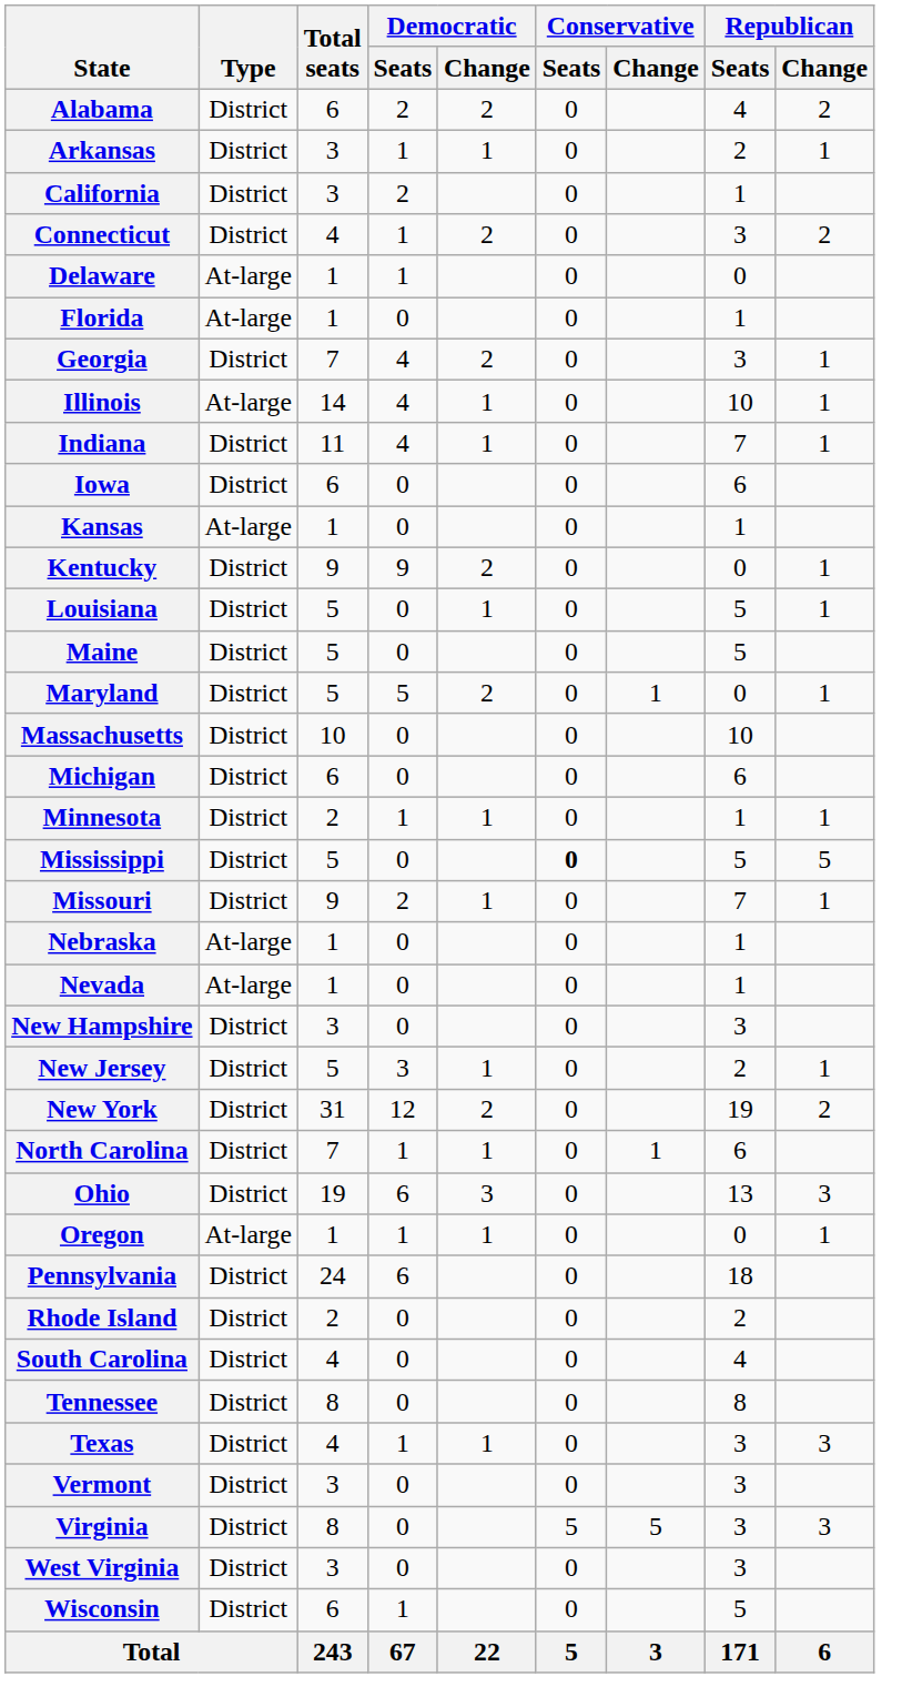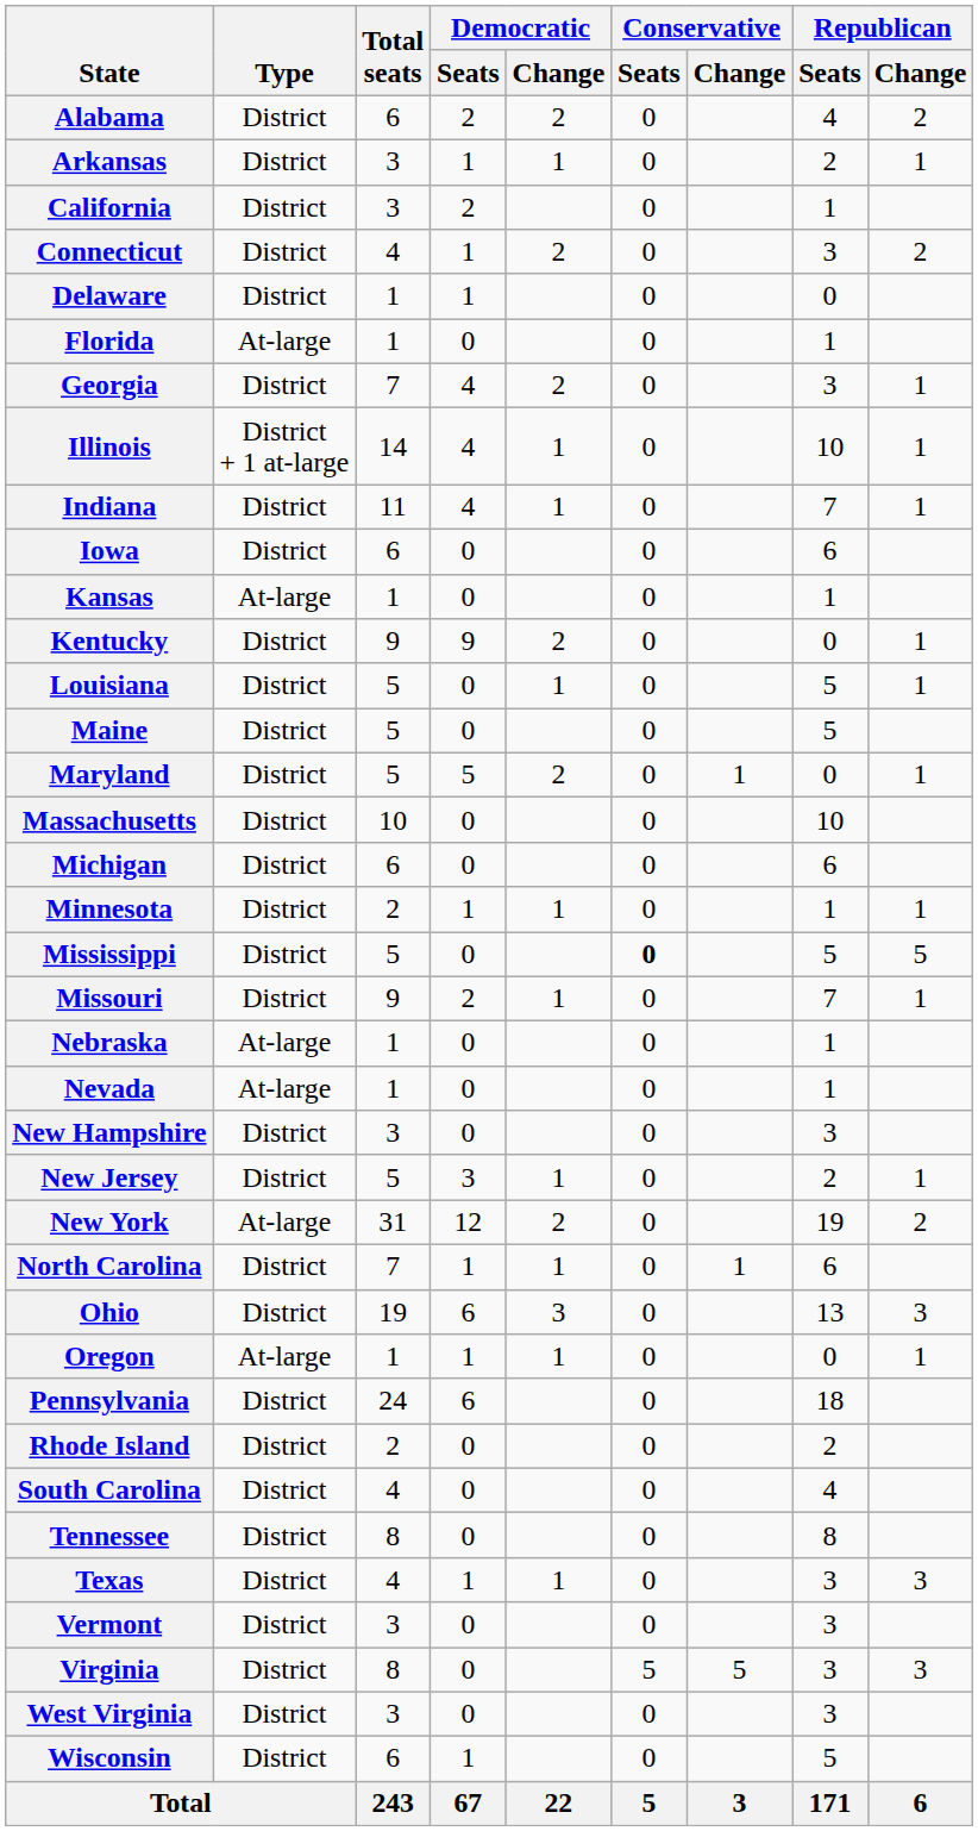 <table class="wikitable sortable" style="text-align:center">
 <tr valign=bottom>
 <th rowspan=2>State</th>
 <th rowspan=2>Type</th>
 <th rowspan=2>Total<br>seats</th>
 <th colspan=2 ><a href='#'>Democratic</a></th>
 <th colspan=2 style="background:"><a href='#'>Conservative</a></th>
 <th colspan=2 ><a href='#'>Republican</a></th>
 </tr>
 <tr class=small>
 <th>Seats</th>
 <th>Change</th>
 <th>Seats</th>
 <th>Change</th>
 <th>Seats</th>
 <th>Change</th>
 </tr>
 <tr>
 <th><a href='#'>Alabama</a></th>
 <td>District</td>
 <td>6</td>
 <td>2</td>
 <td> 2</td>
 <td>0</td>
 <td></td>
 <td>4</td>
 <td> 2</td>
 </tr>
 <tr>
 <th><a href='#'>Arkansas</a></th>
 <td>District</td>
 <td>3</td>
 <td>1</td>
 <td> 1</td>
 <td>0</td>
 <td></td>
 <td>2</td>
 <td> 1</td>
 </tr>
 <tr>
 <th><a href='#'>California</a></th>
 <td>District</td>
 <td>3</td>
 <td>2</td>
 <td></td>
 <td>0</td>
 <td></td>
 <td>1</td>
 <td></td>
 </tr>
 <tr>
 <th><a href='#'>Connecticut</a></th>
 <td>District</td>
 <td>4</td>
 <td>1</td>
 <td> 2</td>
 <td>0</td>
 <td></td>
 <td>3</td>
 <td> 2</td>
 </tr>
 <tr>
 <th><a href='#'>Delaware</a></th>
-<td>At-large</td>
+<td>District</td>
 <td>1</td>
 <td>1</td>
 <td></td>
 <td>0</td>
 <td></td>
 <td>0</td>
 <td></td>
 </tr>
 <tr>
 <th><a href='#'>Florida</a></th>
 <td>At-large</td>
 <td>1</td>
 <td>0</td>
 <td></td>
 <td>0</td>
 <td></td>
 <td>1</td>
 <td></td>
 </tr>
 <tr>
 <th><a href='#'>Georgia</a></th>
 <td>District</td>
 <td>7</td>
 <td>4</td>
 <td> 2</td>
 <td>0</td>
 <td></td>
 <td>3</td>
 <td> 1</td>
 </tr>
 <tr>
 <th><a href='#'>Illinois</a></th>
-<td>At-large</td>
+<td>District<br>+ 1 at-large</td>
 <td>14</td>
 <td>4</td>
 <td> 1</td>
 <td>0</td>
 <td></td>
 <td>10</td>
 <td> 1</td>
 </tr>
 <tr>
 <th><a href='#'>Indiana</a></th>
 <td>District</td>
 <td>11</td>
 <td>4</td>
 <td> 1</td>
 <td>0</td>
 <td></td>
 <td>7</td>
 <td> 1</td>
 </tr>
 <tr>
 <th><a href='#'>Iowa</a></th>
 <td>District</td>
 <td>6</td>
 <td>0</td>
 <td></td>
 <td>0</td>
 <td></td>
 <td>6</td>
 <td></td>
 </tr>
 <tr>
 <th><a href='#'>Kansas</a></th>
 <td>At-large</td>
 <td>1</td>
 <td>0</td>
 <td></td>
 <td>0</td>
 <td></td>
 <td>1</td>
 <td></td>
 </tr>
 <tr>
 <th><a href='#'>Kentucky</a></th>
 <td>District</td>
 <td>9</td>
 <td>9</td>
 <td> 2</td>
 <td>0</td>
 <td></td>
 <td>0</td>
 <td> 1</td>
 </tr>
 <tr>
 <th><a href='#'>Louisiana</a></th>
 <td>District</td>
 <td>5</td>
 <td>0</td>
 <td> 1</td>
 <td>0</td>
 <td></td>
 <td>5</td>
 <td> 1</td>
 </tr>
 <tr>
 <th><a href='#'>Maine</a></th>
 <td>District</td>
 <td>5</td>
 <td>0</td>
 <td></td>
 <td>0</td>
 <td></td>
 <td>5</td>
 <td></td>
 </tr>
 <tr>
 <th><a href='#'>Maryland</a></th>
 <td>District</td>
 <td>5</td>
 <td>5</td>
 <td> 2</td>
 <td>0</td>
 <td> 1</td>
 <td>0</td>
 <td> 1</td>
 </tr>
 <tr>
 <th><a href='#'>Massachusetts</a></th>
 <td>District</td>
 <td>10</td>
 <td>0</td>
 <td></td>
 <td>0</td>
 <td></td>
 <td>10</td>
 <td></td>
 </tr>
 <tr>
 <th><a href='#'>Michigan</a></th>
 <td>District</td>
 <td>6</td>
 <td>0</td>
 <td></td>
 <td>0</td>
 <td></td>
 <td>6</td>
 <td></td>
 </tr>
 <tr>
 <th><a href='#'>Minnesota</a></th>
 <td>District</td>
 <td>2</td>
 <td>1</td>
 <td> 1</td>
 <td>0</td>
 <td></td>
 <td>1</td>
 <td> 1</td>
 </tr>
 <tr>
 <th><a href='#'>Mississippi</a></th>
 <td>District</td>
 <td>5</td>
 <td>0</td>
 <td></td>
 <td><strong>0</strong></td>
 <td></td>
 <td>5</td>
 <td> 5</td>
 </tr>
 <tr>
 <th><a href='#'>Missouri</a></th>
 <td>District</td>
 <td>9</td>
 <td>2</td>
 <td> 1</td>
 <td>0</td>
 <td></td>
 <td>7</td>
 <td> 1</td>
 </tr>
 <tr>
 <th><a href='#'>Nebraska</a></th>
 <td>At-large</td>
 <td>1</td>
 <td>0</td>
 <td></td>
 <td>0</td>
 <td></td>
 <td>1</td>
 <td></td>
 </tr>
 <tr>
 <th><a href='#'>Nevada</a></th>
 <td>At-large</td>
 <td>1</td>
 <td>0</td>
 <td></td>
 <td>0</td>
 <td></td>
 <td>1</td>
 <td></td>
 </tr>
 <tr>
 <th><a href='#'>New Hampshire</a></th>
 <td>District</td>
 <td>3</td>
 <td>0</td>
 <td></td>
 <td>0</td>
 <td></td>
 <td>3</td>
 <td></td>
 </tr>
 <tr>
 <th><a href='#'>New Jersey</a></th>
 <td>District</td>
 <td>5</td>
 <td>3</td>
 <td> 1</td>
 <td>0</td>
 <td></td>
 <td>2</td>
 <td> 1</td>
 </tr>
 <tr>
 <th><a href='#'>New York</a></th>
-<td>District</td>
+<td>At-large</td>
 <td>31</td>
 <td>12</td>
 <td> 2</td>
 <td>0</td>
 <td></td>
 <td>19</td>
 <td> 2</td>
 </tr>
 <tr>
 <th><a href='#'>North Carolina</a></th>
 <td>District</td>
 <td>7</td>
 <td>1</td>
 <td> 1</td>
 <td>0</td>
 <td> 1</td>
 <td>6</td>
 <td></td>
 </tr>
 <tr>
 <th><a href='#'>Ohio</a></th>
 <td>District</td>
 <td>19</td>
 <td>6</td>
 <td> 3</td>
 <td>0</td>
 <td></td>
 <td>13</td>
 <td> 3</td>
 </tr>
 <tr>
 <th><a href='#'>Oregon</a></th>
 <td>At-large</td>
 <td>1</td>
 <td>1</td>
 <td> 1</td>
 <td>0</td>
 <td></td>
 <td>0</td>
 <td> 1</td>
 </tr>
 <tr>
 <th><a href='#'>Pennsylvania</a></th>
 <td>District</td>
 <td>24</td>
 <td>6</td>
 <td></td>
 <td>0</td>
 <td></td>
 <td>18</td>
 <td></td>
 </tr>
 <tr>
 <th><a href='#'>Rhode Island</a></th>
 <td>District</td>
 <td>2</td>
 <td>0</td>
 <td></td>
 <td>0</td>
 <td></td>
 <td>2</td>
 <td></td>
 </tr>
 <tr>
 <th><a href='#'>South Carolina</a></th>
 <td>District</td>
 <td>4</td>
 <td>0</td>
 <td></td>
 <td>0</td>
 <td></td>
 <td>4</td>
 <td></td>
 </tr>
 <tr>
 <th><a href='#'>Tennessee</a></th>
 <td>District</td>
 <td>8</td>
 <td>0</td>
 <td></td>
 <td>0</td>
 <td></td>
 <td>8</td>
 <td></td>
 </tr>
 <tr>
 <th><a href='#'>Texas</a></th>
 <td>District</td>
 <td>4</td>
 <td>1</td>
 <td> 1</td>
 <td>0</td>
 <td></td>
 <td>3</td>
 <td> 3</td>
 </tr>
 <tr>
 <th><a href='#'>Vermont</a></th>
 <td>District</td>
 <td>3</td>
 <td>0</td>
 <td></td>
 <td>0</td>
 <td></td>
 <td>3</td>
 <td></td>
 </tr>
 <tr>
 <th><a href='#'>Virginia</a></th>
 <td>District</td>
 <td>8</td>
 <td>0</td>
 <td></td>
 <td>5</td>
 <td> 5</td>
 <td>3</td>
 <td> 3</td>
 </tr>
 <tr>
 <th><a href='#'>West Virginia</a></th>
 <td>District</td>
 <td>3</td>
 <td>0</td>
 <td></td>
 <td>0</td>
 <td></td>
 <td>3</td>
 <td></td>
 </tr>
 <tr>
 <th><a href='#'>Wisconsin</a></th>
 <td>District</td>
 <td>6</td>
 <td>1</td>
 <td></td>
 <td>0</td>
 <td></td>
 <td>5</td>
 <td></td>
 </tr>
 <tr>
 <th colspan=2>Total</th>
 <th>243</th>
 <th>67<br></th>
 <th> 22</th>
 <th>5<br></th>
 <th> 3</th>
 <th>171<br></th>
 <th> 6</th>
 </tr>
 </table>
